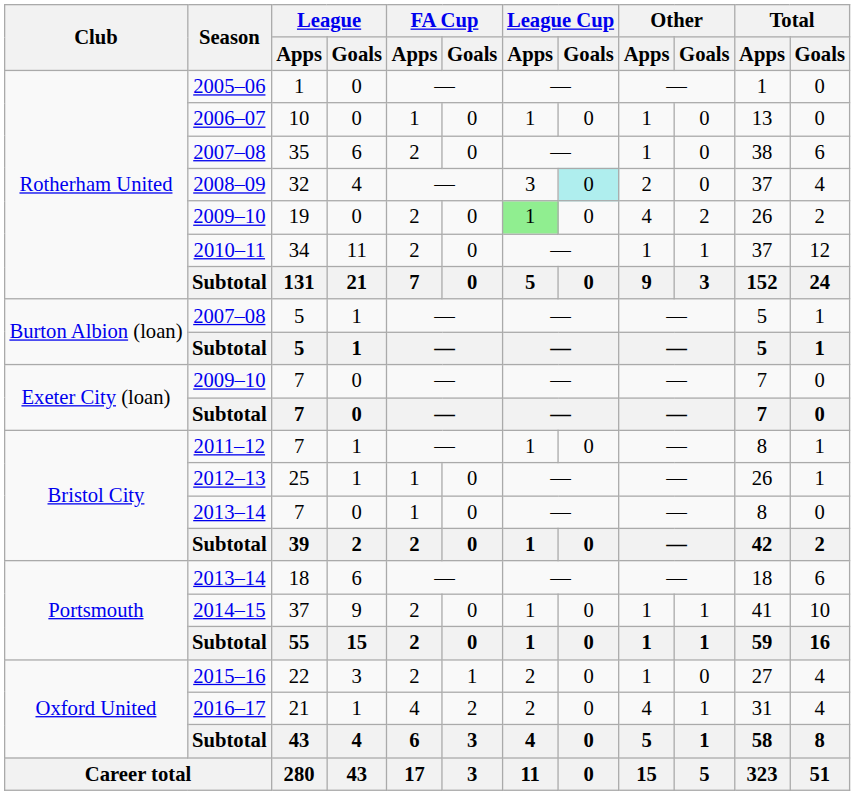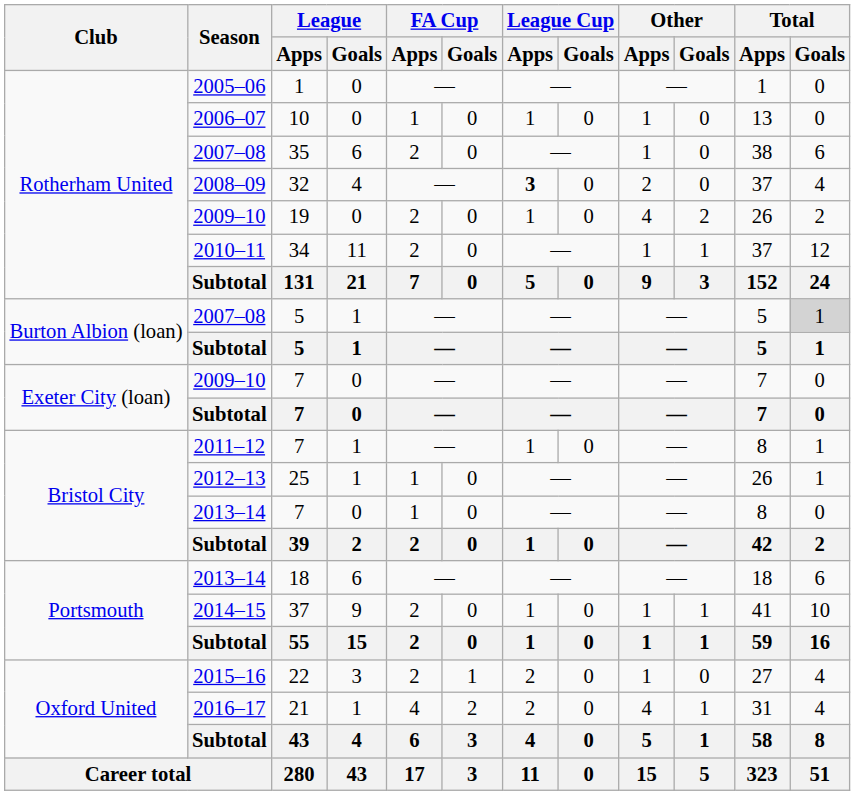 <table class="wikitable" style="text-align: center;">
 <tr>
 <th rowspan="2">Club</th>
 <th rowspan="2">Season</th>
 <th colspan="2"><a href='#'>League</a></th>
 <th colspan="2"><a href='#'>FA Cup</a></th>
 <th colspan="2"><a href='#'>League Cup</a></th>
 <th colspan="2">Other</th>
 <th colspan="2">Total</th>
 </tr>
 <tr>
 <th>Apps</th>
 <th>Goals</th>
 <th>Apps</th>
 <th>Goals</th>
 <th>Apps</th>
 <th>Goals</th>
 <th>Apps</th>
 <th>Goals</th>
 <th>Apps</th>
 <th>Goals</th>
 </tr>
 <tr>
 <td rowspan="7" valign="center"><a href='#'>Rotherham United</a></td>
 <td><a href='#'>2005–06</a></td>
 <td>1</td>
 <td>0</td>
 <td colspan="2">—</td>
 <td colspan="2">—</td>
 <td colspan="2">—</td>
 <td>1</td>
 <td>0</td>
 </tr>
 <tr>
 <td><a href='#'>2006–07</a></td>
 <td>10</td>
 <td>0</td>
 <td>1</td>
 <td>0</td>
 <td>1</td>
 <td>0</td>
 <td>1</td>
 <td>0</td>
 <td>13</td>
 <td>0</td>
 </tr>
 <tr>
 <td><a href='#'>2007–08</a></td>
 <td>35</td>
 <td>6</td>
 <td>2</td>
 <td>0</td>
 <td colspan="2">—</td>
 <td>1</td>
 <td>0</td>
 <td>38</td>
 <td>6</td>
 </tr>
 <tr>
 <td><a href='#'>2008–09</a></td>
 <td>32</td>
 <td>4</td>
 <td colspan="2">—</td>
-<td>3</td>
-<td style="background: paleturquoise;">0</td>
+<td><strong>3</strong></td>
+<td>0</td>
 <td>2</td>
 <td>0</td>
 <td>37</td>
 <td>4</td>
 </tr>
 <tr>
 <td><a href='#'>2009–10</a></td>
 <td>19</td>
 <td>0</td>
 <td>2</td>
 <td>0</td>
-<td style="background: lightgreen;">1</td>
+<td>1</td>
 <td>0</td>
 <td>4</td>
 <td>2</td>
 <td>26</td>
 <td>2</td>
 </tr>
 <tr>
 <td><a href='#'>2010–11</a></td>
 <td>34</td>
 <td>11</td>
 <td>2</td>
 <td>0</td>
 <td colspan="2">—</td>
 <td>1</td>
 <td>1</td>
 <td>37</td>
 <td>12</td>
 </tr>
 <tr>
 <th>Subtotal</th>
 <th>131</th>
 <th>21</th>
 <th>7</th>
 <th>0</th>
 <th>5</th>
 <th>0</th>
 <th>9</th>
 <th>3</th>
 <th>152</th>
 <th>24</th>
 </tr>
 <tr>
 <td rowspan="2" valign="center"><a href='#'>Burton Albion</a> (loan)</td>
 <td><a href='#'>2007–08</a></td>
 <td>5</td>
 <td>1</td>
 <td colspan="2">—</td>
 <td colspan="2">—</td>
 <td colspan="2">—</td>
 <td>5</td>
-<td>1</td>
+<td style="background: lightgrey;">1</td>
 </tr>
 <tr>
 <th>Subtotal</th>
 <th>5</th>
 <th>1</th>
 <th colspan="2">—</th>
 <th colspan="2">—</th>
 <th colspan="2">—</th>
 <th>5</th>
 <th>1</th>
 </tr>
 <tr>
 <td rowspan="2" valign="center"><a href='#'>Exeter City</a> (loan)</td>
 <td><a href='#'>2009–10</a></td>
 <td>7</td>
 <td>0</td>
 <td colspan="2">—</td>
 <td colspan="2">—</td>
 <td colspan="2">—</td>
 <td>7</td>
 <td>0</td>
 </tr>
 <tr>
 <th>Subtotal</th>
 <th>7</th>
 <th>0</th>
 <th colspan="2">—</th>
 <th colspan="2">—</th>
 <th colspan="2">—</th>
 <th>7</th>
 <th>0</th>
 </tr>
 <tr>
 <td rowspan="4" valign="center"><a href='#'>Bristol City</a></td>
 <td><a href='#'>2011–12</a></td>
 <td>7</td>
 <td>1</td>
 <td colspan="2">—</td>
 <td>1</td>
 <td>0</td>
 <td colspan="2">—</td>
 <td>8</td>
 <td>1</td>
 </tr>
 <tr>
 <td><a href='#'>2012–13</a></td>
 <td>25</td>
 <td>1</td>
 <td>1</td>
 <td>0</td>
 <td colspan="2">—</td>
 <td colspan="2">—</td>
 <td>26</td>
 <td>1</td>
 </tr>
 <tr>
 <td><a href='#'>2013–14</a></td>
 <td>7</td>
 <td>0</td>
 <td>1</td>
 <td>0</td>
 <td colspan="2">—</td>
 <td colspan="2">—</td>
 <td>8</td>
 <td>0</td>
 </tr>
 <tr>
 <th>Subtotal</th>
 <th>39</th>
 <th>2</th>
 <th>2</th>
 <th>0</th>
 <th>1</th>
 <th>0</th>
 <th colspan="2">—</th>
 <th>42</th>
 <th>2</th>
 </tr>
 <tr>
 <td rowspan="3" valign="center"><a href='#'>Portsmouth</a></td>
 <td><a href='#'>2013–14</a></td>
 <td>18</td>
 <td>6</td>
 <td colspan="2">—</td>
 <td colspan="2">—</td>
 <td colspan="2">—</td>
 <td>18</td>
 <td>6</td>
 </tr>
 <tr>
 <td><a href='#'>2014–15</a></td>
 <td>37</td>
 <td>9</td>
 <td>2</td>
 <td>0</td>
 <td>1</td>
 <td>0</td>
 <td>1</td>
 <td>1</td>
 <td>41</td>
 <td>10</td>
 </tr>
 <tr>
 <th>Subtotal</th>
 <th>55</th>
 <th>15</th>
 <th>2</th>
 <th>0</th>
 <th>1</th>
 <th>0</th>
 <th>1</th>
 <th>1</th>
 <th>59</th>
 <th>16</th>
 </tr>
 <tr>
 <td rowspan="3" valign="center"><a href='#'>Oxford United</a></td>
 <td><a href='#'>2015–16</a></td>
 <td>22</td>
 <td>3</td>
 <td>2</td>
 <td>1</td>
 <td>2</td>
 <td>0</td>
 <td>1</td>
 <td>0</td>
 <td>27</td>
 <td>4</td>
 </tr>
 <tr>
 <td><a href='#'>2016–17</a></td>
 <td>21</td>
 <td>1</td>
 <td>4</td>
 <td>2</td>
 <td>2</td>
 <td>0</td>
 <td>4</td>
 <td>1</td>
 <td>31</td>
 <td>4</td>
 </tr>
 <tr>
 <th>Subtotal</th>
 <th>43</th>
 <th>4</th>
 <th>6</th>
 <th>3</th>
 <th>4</th>
 <th>0</th>
 <th>5</th>
 <th>1</th>
 <th>58</th>
 <th>8</th>
 </tr>
 <tr>
 <th colspan="2">Career total</th>
 <th>280</th>
 <th>43</th>
 <th>17</th>
 <th>3</th>
 <th>11</th>
 <th>0</th>
 <th>15</th>
 <th>5</th>
 <th>323</th>
 <th>51</th>
 </tr>
 </table>
